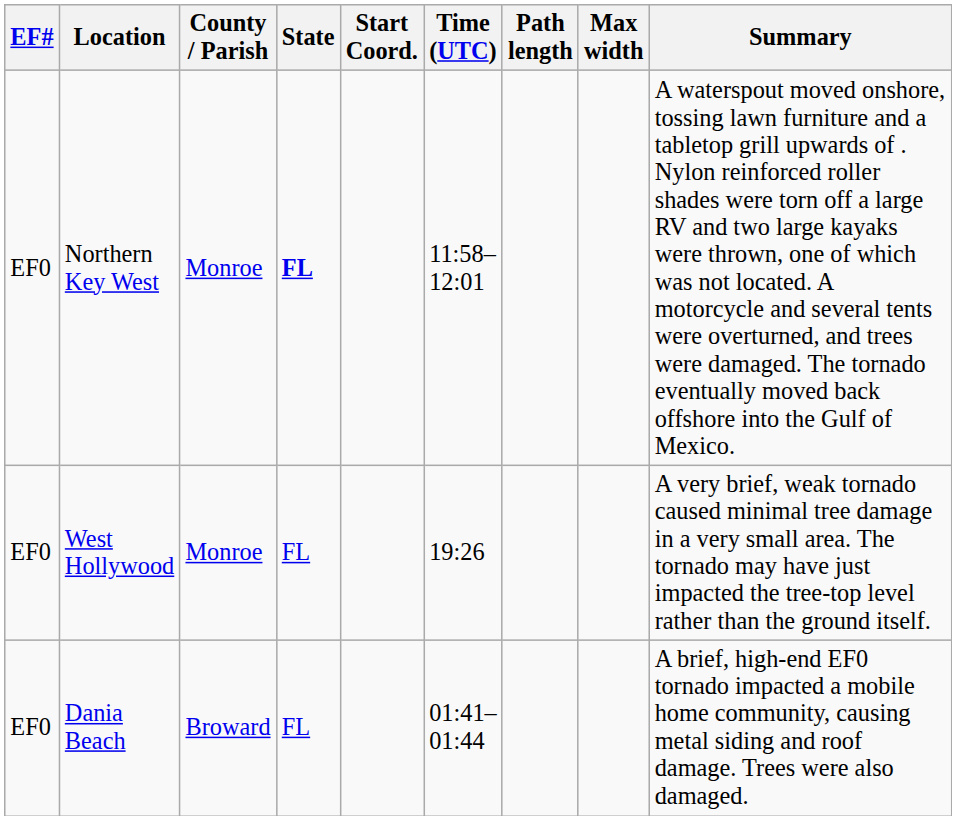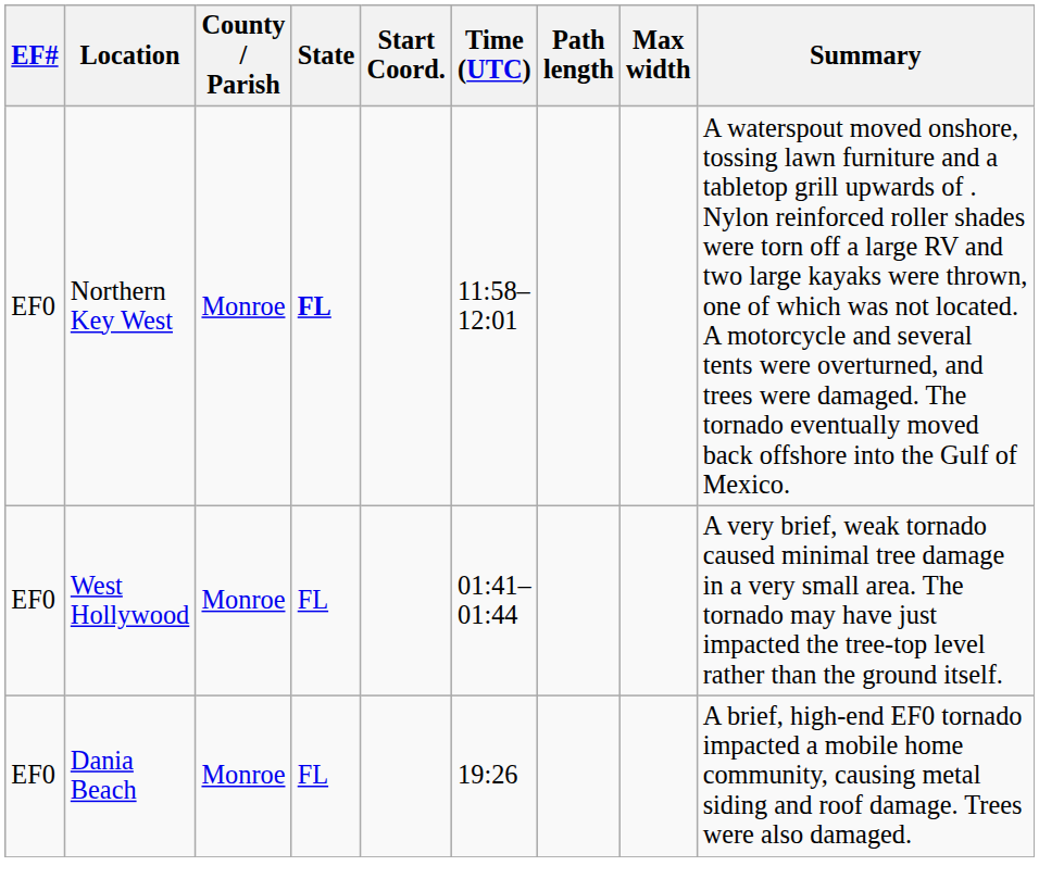 <table class="wikitable sortable" style="width:100%;">
 <tr>
 <th scope="col" style="width:3%; text-align:center;"><a href='#'>EF#</a></th>
 <th scope="col" style="width:7%; text-align:center;" class="unsortable">Location</th>
 <th scope="col" style="width:6%; text-align:center;" class="unsortable">County / Parish</th>
 <th scope="col" style="width:5%; text-align:center;">State</th>
 <th scope="col" style="width:6%; text-align:center;">Start Coord.</th>
 <th scope="col" style="width:6%; text-align:center;">Time (<a href='#'>UTC</a>)</th>
 <th scope="col" style="width:6%; text-align:center;">Path length</th>
 <th scope="col" style="width:6%; text-align:center;">Max width</th>
 <th scope="col" class="unsortable" style="width:48%; text-align:center;">Summary</th>
 </tr>
 <tr>
 <td>EF0</td>
 <td>Northern <a href='#'>Key West</a></td>
 <td><a href='#'>Monroe</a></td>
 <td><strong><a href='#'>FL</a></strong></td>
 <td></td>
 <td>11:58–12:01</td>
 <td></td>
 <td></td>
 <td>A waterspout moved onshore, tossing lawn furniture and a tabletop grill upwards of . Nylon reinforced roller shades were torn off a large RV and two large kayaks were thrown, one of which was not located. A  motorcycle and several tents were overturned, and trees were damaged. The tornado eventually moved back offshore into the Gulf of Mexico.</td>
 </tr>
 <tr>
 <td>EF0</td>
 <td><a href='#'>West Hollywood</a></td>
 <td><a href='#'>Monroe</a></td>
 <td><a href='#'>FL</a></td>
 <td></td>
-<td>19:26</td>
+<td>01:41–01:44</td>
 <td></td>
 <td></td>
 <td>A very brief, weak tornado caused minimal tree damage in a very small area. The tornado may have just impacted the tree-top level rather than the ground itself.</td>
 </tr>
 <tr>
 <td>EF0</td>
 <td><a href='#'>Dania Beach</a></td>
-<td><a href='#'>Broward</a></td>
+<td><a href='#'>Monroe</a></td>
 <td><a href='#'>FL</a></td>
 <td></td>
-<td>01:41–01:44</td>
+<td>19:26</td>
 <td></td>
 <td></td>
 <td>A brief, high-end EF0 tornado impacted a mobile home community, causing metal siding and roof damage. Trees were also damaged.</td>
 </tr>
 <tr>
 </tr>
 </table>
